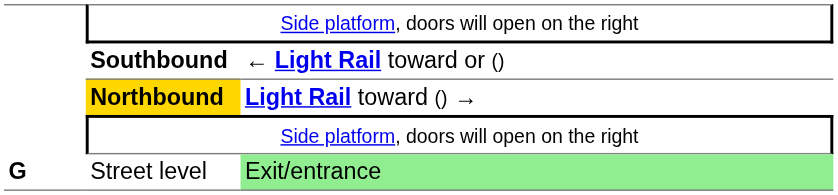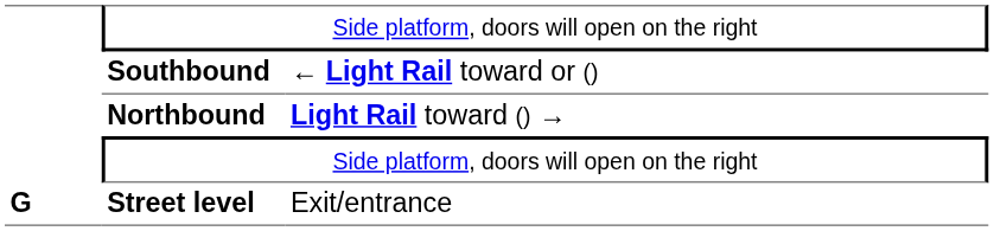 <table table border=0 cellspacing=0 cellpadding=3>
 <tr>
 <td style="border-top:solid 1px gray;border-bottom:solid 1px gray;" rowspan=6 valign=bottom width=50><strong>G</strong></td>
 </tr>
 <tr>
 <td style="border-bottom:solid 2px black;border-right:solid 2px black;border-left:solid 2px black;border-top:solid 1px gray;text-align:center;" colspan=2><small><a href='#'>Side platform</a>, doors will open on the right</small></td>
 </tr>
 <tr>
 <td><span><strong>Southbound</strong></span></td>
 <td>← <a href='#'><span><strong>Light Rail</strong></span></a> toward  or  <small>()</small></td>
 </tr>
 <tr>
-<td style="background: gold; border-top:solid 1px gray;"><span><strong>Northbound</strong></span></td>
+<td style="border-top:solid 1px gray;"><span><strong>Northbound</strong></span></td>
 <td style="border-top:solid 1px gray;"> <a href='#'><span><strong>Light Rail</strong></span></a> toward  <small>()</small> →</td>
 </tr>
 <tr>
 <td style="border-bottom:solid 1px gray;border-right:solid 2px black;border-left:solid 2px black;border-top:solid 2px black;text-align:center;" colspan=2><small><a href='#'>Side platform</a>, doors will open on the right</small></td>
 </tr>
 <tr>
-<td style="border-bottom:solid 1px gray;" width=100>Street level</td>
-<td style="background: lightgreen; border-bottom:solid 1px gray;" width=400>Exit/entrance</td>
+<td style="border-bottom:solid 1px gray;" width=100><strong>Street level</strong></td>
+<td style="border-bottom:solid 1px gray;" width=400>Exit/entrance</td>
 </tr>
 </table>
